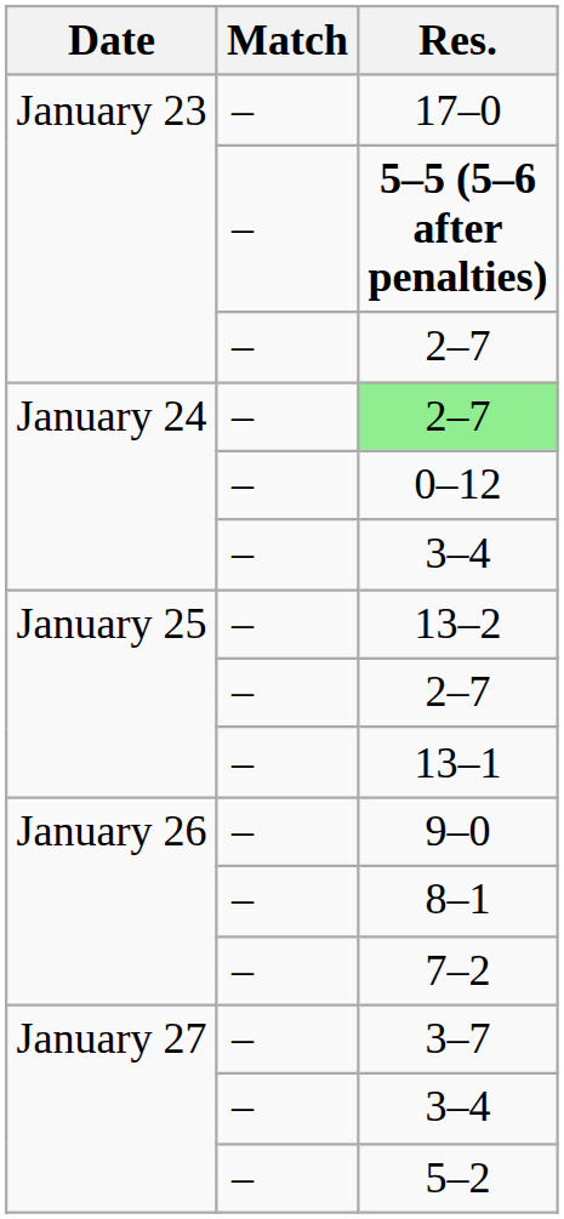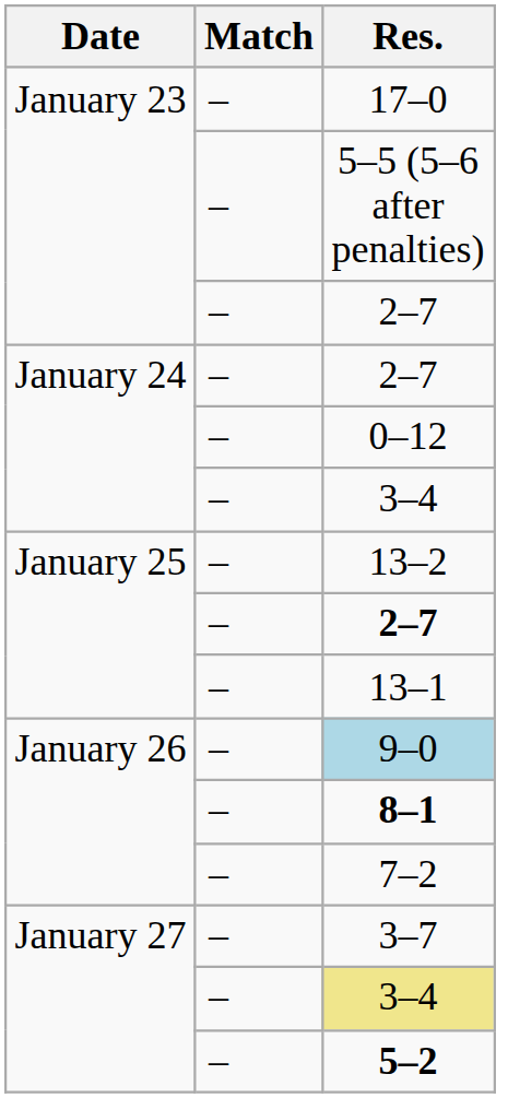 <table class="wikitable" style="text-align:center;">
 <tr>
 <th>Date</th>
 <th>Match</th>
 <th style="width:45px;">Res.</th>
 </tr>
 <tr>
 <td rowspan="3" style="vertical-align:top;">January 23</td>
 <td style="padding-left:5px; text-align:left;"><strong></strong> – </td>
 <td>17–0</td>
 </tr>
 <tr>
 <td style="padding-left:5px; text-align:left;"> – </td>
-<td><strong>5–5 (5–6 after penalties)</strong></td>
+<td>5–5 (5–6 after penalties)</td>
 </tr>
 <tr>
 <td style="padding-left:5px; text-align:left;"> – <strong></strong></td>
 <td>2–7</td>
 </tr>
 <tr>
 <td rowspan="3" style="vertical-align:top;">January 24</td>
 <td style="padding-left:5px; text-align:left;"> – <strong></strong></td>
-<td style="background: lightgreen;">2–7</td>
+<td>2–7</td>
 </tr>
 <tr>
 <td style="padding-left:5px; text-align:left;"> – <strong></strong></td>
 <td>0–12</td>
 </tr>
 <tr>
 <td style="padding-left:5px; text-align:left;"> – <strong></strong></td>
 <td>3–4</td>
 </tr>
 <tr>
 <td rowspan="3" style="vertical-align:top;">January 25</td>
 <td style="padding-left:5px; text-align:left;"><strong></strong> – </td>
 <td>13–2</td>
 </tr>
 <tr>
 <td style="padding-left:5px; text-align:left;"> – <strong></strong></td>
-<td>2–7</td>
+<td><strong>2–7</strong></td>
 </tr>
 <tr>
 <td style="padding-left:5px; text-align:left;"><strong></strong> – </td>
 <td>13–1</td>
 </tr>
 <tr>
 <td rowspan="3" style="vertical-align:top;">January 26</td>
 <td style="padding-left:5px; text-align:left;"><strong></strong> – </td>
-<td>9–0</td>
+<td style="background: lightblue;">9–0</td>
 </tr>
 <tr>
 <td style="padding-left:5px; text-align:left;"><strong></strong> – </td>
-<td>8–1</td>
+<td><strong>8–1</strong></td>
 </tr>
 <tr>
 <td style="padding-left:5px; text-align:left;"><strong></strong> – </td>
 <td>7–2</td>
 </tr>
 <tr>
 <td rowspan="3" style="vertical-align:top;">January 27</td>
 <td style="padding-left:5px; text-align:left;"> – <strong></strong></td>
 <td>3–7</td>
 </tr>
 <tr>
 <td style="padding-left:5px; text-align:left;"> – <strong></strong></td>
-<td>3–4</td>
+<td style="background: khaki;">3–4</td>
 </tr>
 <tr>
 <td style="padding-left:5px; text-align:left;"><strong></strong> – </td>
-<td>5–2</td>
+<td><strong>5–2</strong></td>
 </tr>
 </table>
